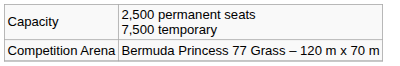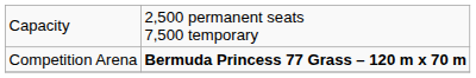 <table class="wikitable">
 <tr>
 <td>Capacity</td>
 <td>2,500 permanent seats <br> 7,500 temporary</td>
 </tr>
 <tr>
 <td>Competition Arena</td>
-<td>Bermuda Princess 77 Grass – 120 m x 70 m</td>
+<td><strong>Bermuda Princess 77 Grass – 120 m x 70 m</strong></td>
 </tr>
 <tr>
 </tr>
 </table>
